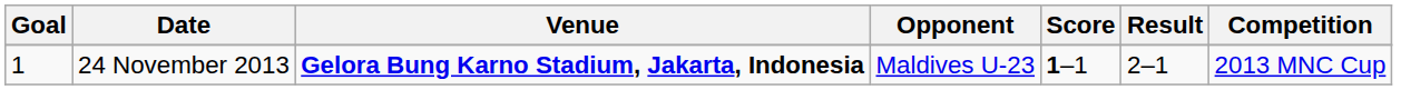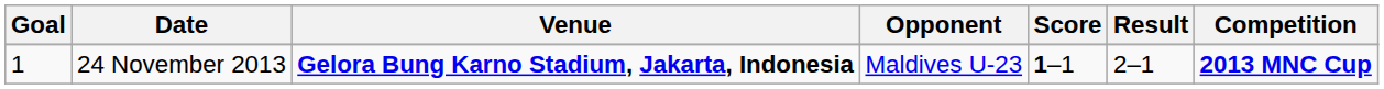 <table class="wikitable" style="font-size:90%">
 <tr>
 <th>Goal</th>
 <th>Date</th>
 <th>Venue</th>
 <th>Opponent</th>
 <th>Score</th>
 <th>Result</th>
 <th>Competition</th>
 </tr>
 <tr>
 </tr>
 <tr>
 <td>1</td>
 <td>24 November 2013</td>
 <td><strong><a href='#'>Gelora Bung Karno Stadium</a>, <a href='#'>Jakarta</a>, Indonesia</strong></td>
 <td> <a href='#'>Maldives U-23</a></td>
 <td><strong>1</strong>–1</td>
 <td>2–1</td>
-<td><a href='#'>2013 MNC Cup</a></td>
+<td><strong><a href='#'>2013 MNC Cup</a></strong></td>
 </tr>
 </table>
